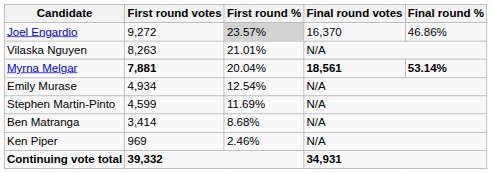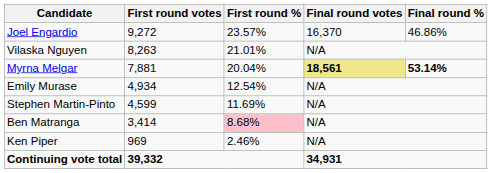 <table class="wikitable">
 <tr>
 <th>Candidate</th>
 <th>First round votes</th>
 <th>First round %</th>
 <th>Final round votes</th>
 <th>Final round %</th>
 </tr>
 <tr>
 <td><a href='#'>Joel Engardio</a></td>
 <td>9,272</td>
-<td style="background: lightgrey;">23.57%</td>
+<td>23.57%</td>
 <td>16,370</td>
 <td>46.86%</td>
 </tr>
 <tr>
 <td>Vilaska Nguyen</td>
 <td>8,263</td>
 <td>21.01%</td>
 <td colspan="2">N/A</td>
 </tr>
 <tr>
 <td><a href='#'>Myrna Melgar</a></td>
-<td><strong>7,881</strong></td>
+<td>7,881</td>
 <td>20.04%</td>
-<td><strong>18,561</strong></td>
+<td style="background: khaki;"><strong>18,561</strong></td>
 <td><strong>53.14%</strong></td>
 </tr>
 <tr>
 <td>Emily Murase</td>
 <td>4,934</td>
 <td>12.54%</td>
 <td colspan="2">N/A</td>
 </tr>
 <tr>
 <td>Stephen Martin-Pinto</td>
 <td>4,599</td>
 <td>11.69%</td>
 <td colspan="2">N/A</td>
 </tr>
 <tr>
 <td>Ben Matranga</td>
 <td>3,414</td>
-<td>8.68%</td>
+<td style="background: pink;">8.68%</td>
 <td colspan="2">N/A</td>
 </tr>
 <tr>
 <td>Ken Piper</td>
 <td>969</td>
 <td>2.46%</td>
 <td colspan="2">N/A</td>
 </tr>
 <tr>
 <td><strong>Continuing vote total</strong></td>
 <td colspan="2"><strong>39,332</strong></td>
 <td colspan="2"><strong>34,931</strong></td>
 </tr>
 </table>
